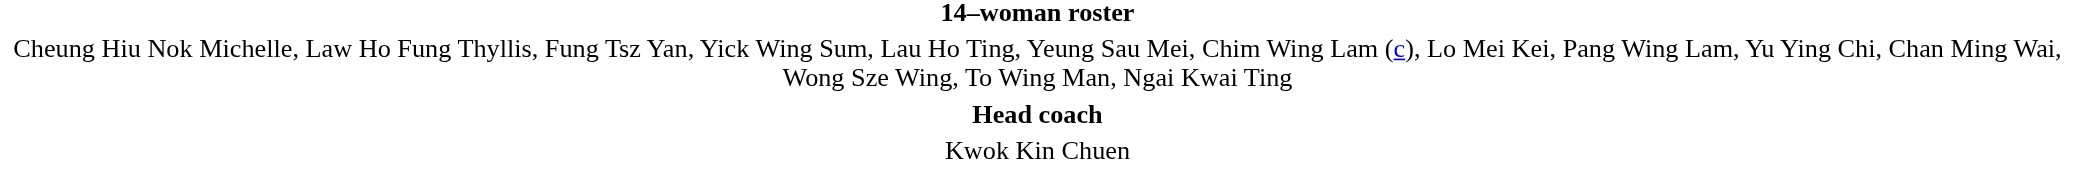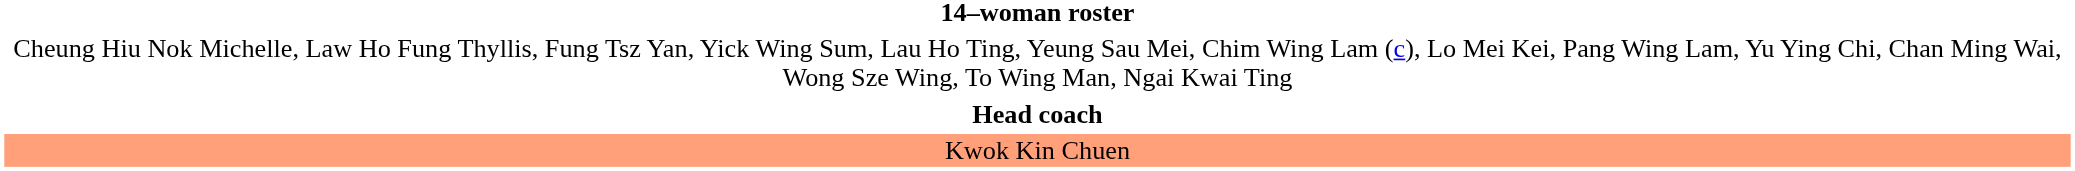 <table style="text-align:center; margin-top:2em; margin-left:auto; margin-right:auto">
 <tr>
 <td><strong>14–woman roster</strong></td>
 </tr>
 <tr>
 <td>Cheung Hiu Nok Michelle, Law Ho Fung Thyllis, Fung Tsz Yan, Yick Wing Sum, Lau Ho Ting, Yeung Sau Mei, Chim Wing Lam (<a href='#'>c</a>), Lo Mei Kei, Pang Wing Lam, Yu Ying Chi, Chan Ming Wai, Wong Sze Wing, To Wing Man, Ngai Kwai Ting</td>
 </tr>
 <tr>
 <td><strong>Head coach</strong></td>
 </tr>
 <tr>
-<td>Kwok Kin Chuen</td>
+<td style="background: lightsalmon;">Kwok Kin Chuen</td>
 </tr>
 </table>
